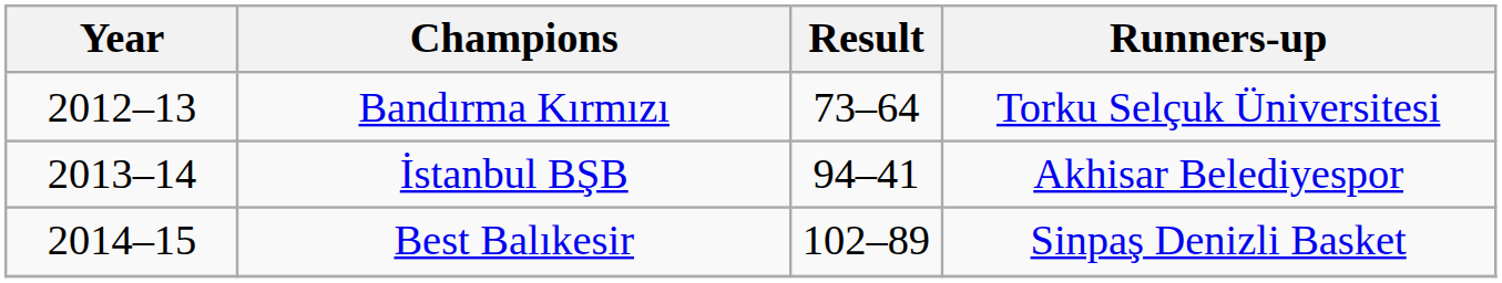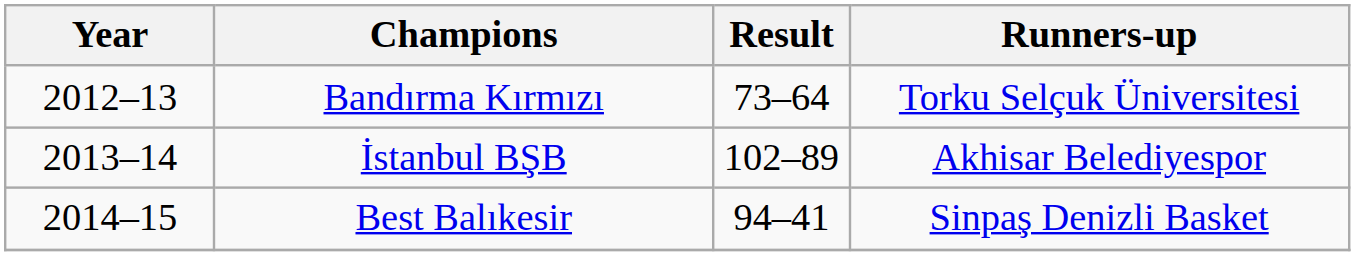 <table class=wikitable style=text-align:center>
 <tr>
 <th width=80>Year</th>
 <th width=200>Champions</th>
 <th width=50>Result</th>
 <th width=200>Runners-up</th>
 </tr>
 <tr>
 <td>2012–13</td>
 <td><a href='#'>Bandırma Kırmızı</a></td>
 <td>73–64</td>
 <td><a href='#'>Torku Selçuk Üniversitesi</a></td>
 </tr>
 <tr>
 <td>2013–14</td>
 <td><a href='#'>İstanbul BŞB</a></td>
-<td>94–41</td>
+<td>102–89</td>
 <td><a href='#'>Akhisar Belediyespor</a></td>
 </tr>
 <tr>
 <td>2014–15</td>
 <td><a href='#'>Best Balıkesir</a></td>
-<td>102–89</td>
+<td>94–41</td>
 <td><a href='#'>Sinpaş Denizli Basket</a></td>
 </tr>
 <tr>
 </tr>
 </table>
